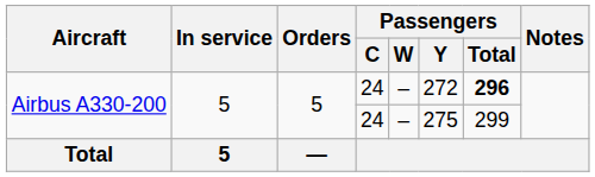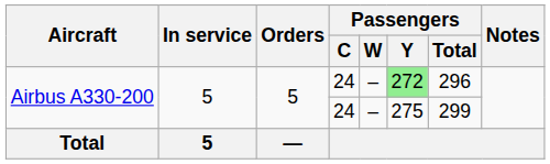 <table class="wikitable" style="margin:0.5em auto; text-align:center">
 <tr>
 <th rowspan=2>Aircraft</th>
 <th rowspan=2>In service</th>
 <th rowspan=2>Orders</th>
 <th colspan=4>Passengers</th>
 <th rowspan=2>Notes</th>
 </tr>
 <tr>
 <th><abbr>C</abbr></th>
 <th><abbr>W</abbr></th>
 <th><abbr>Y</abbr></th>
 <th>Total</th>
 </tr>
 <tr>
 <td rowspan=2><a href='#'>Airbus A330-200</a></td>
 <td rowspan=2>5</td>
 <td rowspan=2>5</td>
 <td>24</td>
 <td>–</td>
-<td>272</td>
-<td><strong>296</strong></td>
+<td style="background: lightgreen;">272</td>
+<td>296</td>
 <td rowspan=2></td>
 </tr>
 <tr>
 <td>24</td>
 <td>–</td>
 <td>275</td>
 <td>299</td>
 </tr>
 <tr>
 <th>Total</th>
 <th>5</th>
 <th>—</th>
 <th colspan=5></th>
 </tr>
 </table>
